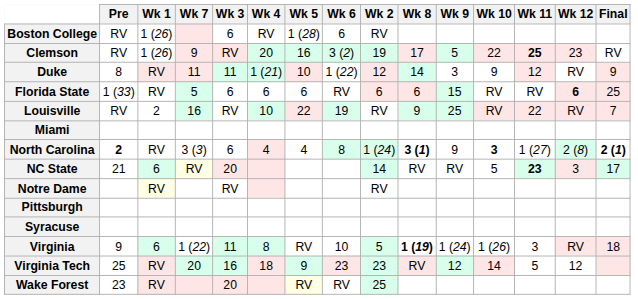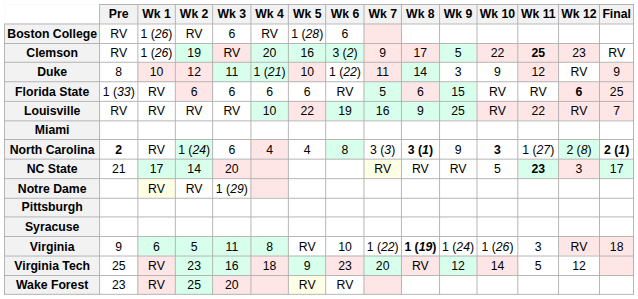 <table class="wikitable" style="white-space:nowrap;font-size:90%;">
 <tr>
 <th colspan=1 style="background:white; border-top-style:hidden; border-left-style:hidden;"> </th>
 <th>Pre <br></th>
 <th>Wk 1 <br></th>
-<th>Wk 7 <br></th>
+<th>Wk 2 <br></th>
 <th>Wk 3 <br></th>
 <th>Wk 4 <br></th>
 <th>Wk 5 <br></th>
 <th>Wk 6 <br></th>
-<th>Wk 2 <br></th>
+<th>Wk 7 <br></th>
 <th>Wk 8 <br></th>
 <th>Wk 9 <br></th>
 <th>Wk 10 <br></th>
 <th>Wk 11 <br></th>
 <th>Wk 12 <br></th>
 <th>Final <br></th>
 </tr>
 <tr style="text-align:center;">
 <th>Boston College</th>
 <td style="background:#FFF;"> RV</td>
 <td style="background:#FFF;"> 1 (<em>26</em>)</td>
-<td style="background:#FFE6E6;"></td>
+<td style="background:#FFF;"> RV</td>
 <td style="background:#FFF;"> 6</td>
 <td style="background:#FFF;"> RV</td>
 <td style="background:#FFF;"> 1 (<em>28</em>)</td>
 <td style="background:#FFF;"> 6</td>
-<td style="background:#FFF;"> RV</td>
+<td style="background:#FFE6E6;"></td>
 <td style="background:#FFF;"></td>
 <td style="background:#FFF;"></td>
 <td style="background:#FFF;"></td>
 <td style="background:#FFF;"></td>
 <td style="background:#FFF;"></td>
 <td style="background:#FFF;"></td>
 </tr>
 <tr style="text-align:center;">
 <th>Clemson</th>
 <td style="background:#FFF;"> RV</td>
 <td style="background:#FFF;"> 1 (<em>26</em>)</td>
-<td style="background:#FFE6E6;"> 9</td>
+<td style="background:#D8FFEB;"> 19</td>
 <td style="background:#FFE6E6;"> RV</td>
 <td style="background:#D8FFEB;"> 20</td>
 <td style="background:#D8FFEB;"> 16</td>
 <td style="background:#D8FFEB;"> 3 (<em>2</em>)</td>
-<td style="background:#D8FFEB;"> 19</td>
+<td style="background:#FFE6E6;"> 9</td>
 <td style="background:#FFE6E6;"> 17</td>
 <td style="background:#D8FFEB;"> 5</td>
 <td style="background:#FFE6E6;"> 22</td>
 <td style="background:#FFE6E6;"><strong> 25</strong></td>
 <td style="background:#FFE6E6;"> 23</td>
 <td style="background:#FFF;"> RV</td>
 </tr>
 <tr style="text-align:center;">
 <th>Duke</th>
 <td style="background:#FFF;"> 8</td>
-<td style="background:#FFE6E6;"> RV</td>
-<td style="background:#FFE6E6;"> 11</td>
+<td style="background:#FFE6E6;"> 10</td>
+<td style="background:#FFE6E6;"> 12</td>
 <td style="background:#D8FFEB;"> 11</td>
 <td style="background:#D8FFEB;"> 1 (<em>21</em>)</td>
 <td style="background:#FFE6E6;"> 10</td>
 <td style="background:#FFF;"> 1 (<em>22</em>)</td>
-<td style="background:#FFE6E6;"> 12</td>
+<td style="background:#FFE6E6;"> 11</td>
 <td style="background:#D8FFEB;"> 14</td>
 <td style="background:#FFF;"> 3</td>
 <td style="background:#FFF;"> 9</td>
 <td style="background:#FFE6E6;"> 12</td>
 <td style="background:#FFF;"> RV</td>
 <td style="background:#FFE6E6;"> 9</td>
 </tr>
 <tr style="text-align:center;">
 <th>Florida State</th>
 <td style="background:#FFF;"> 1 (<em>33</em>)</td>
 <td style="background:#FFF;"> RV</td>
-<td style="background:#D8FFEB;"> 5</td>
+<td style="background:#FFE6E6;"> 6</td>
 <td style="background:#FFF;"> 6</td>
 <td style="background:#FFF;"> 6</td>
 <td style="background:#FFF;"> 6</td>
 <td style="background:#FFF;"> RV</td>
-<td style="background:#FFE6E6;"> 6</td>
+<td style="background:#D8FFEB;"> 5</td>
 <td style="background:#FFE6E6;"> 6</td>
 <td style="background:#D8FFEB;"> 15</td>
 <td style="background:#FFF;"> RV</td>
 <td style="background:#FFF;"> RV</td>
 <td style="background:#FFE6E6;"><strong> 6</strong></td>
 <td style="background:#FFE6E6;"> 25</td>
 </tr>
 <tr style="text-align:center;">
 <th>Louisville</th>
 <td style="background:#FFF;"> RV</td>
-<td style="background:#FFF;"> 2</td>
-<td style="background:#D8FFEB;"> 16</td>
+<td style="background:#FFF;"> RV</td>
+<td style="background:#FFF;"> RV</td>
 <td style="background:#FFF;"> RV</td>
 <td style="background:#D8FFEB;"> 10</td>
 <td style="background:#FFE6E6;"> 22</td>
 <td style="background:#D8FFEB;"> 19</td>
-<td style="background:#FFF;"> RV</td>
+<td style="background:#D8FFEB;"> 16</td>
 <td style="background:#D8FFEB;"> 9</td>
 <td style="background:#D8FFEB;"> 25</td>
 <td style="background:#FFE6E6;"> RV</td>
 <td style="background:#FFE6E6;"> 22</td>
 <td style="background:#FFE6E6;"> RV</td>
 <td style="background:#FFE6E6;"> 7</td>
 </tr>
 <tr style="text-align:center;">
 <th>Miami</th>
 <td style="background:#FFF;"></td>
 <td style="background:#FFF;"></td>
 <td style="background:#FFF;"></td>
 <td style="background:#FFF;"></td>
 <td style="background:#FFF;"></td>
 <td style="background:#FFF;"></td>
 <td style="background:#FFF;"></td>
 <td style="background:#FFF;"></td>
 <td style="background:#FFF;"></td>
 <td style="background:#FFF;"></td>
 <td style="background:#FFF;"></td>
 <td style="background:#FFF;"></td>
 <td style="background:#FFF;"></td>
 <td style="background:#FFF;"></td>
 </tr>
 <tr style="text-align:center;">
 <th>North Carolina</th>
 <td style="background:#FFF;"><strong> 2</strong></td>
 <td style="background:#FFF;"> RV</td>
-<td style="background:#FFF;"> 3 (<em>3</em>)</td>
+<td style="background:#D8FFEB;"> 1 (<em>24</em>)</td>
 <td style="background:#FFF;"> 6</td>
 <td style="background:#FFE6E6;"> 4</td>
 <td style="background:#FFF;"> 4</td>
 <td style="background:#D8FFEB;"> 8</td>
-<td style="background:#D8FFEB;"> 1 (<em>24</em>)</td>
+<td style="background:#FFF;"> 3 (<em>3</em>)</td>
 <td style="background:#FFF;"><strong> 3 (<em>1</em>)</strong></td>
 <td style="background:#FFF;"> 9</td>
 <td style="background:#FFF;"><strong> 3</strong></td>
 <td style="background:#FFF;"> 1 (<em>27</em>)</td>
 <td style="background:#D8FFEB;"> 2 (<em>8</em>)</td>
 <td style="background:#FFF;"><strong> 2 (<em>1</em>)</strong></td>
 </tr>
 <tr style="text-align:center;">
 <th>NC State</th>
 <td style="background:#FFF;"> 21</td>
-<td style="background:#D8FFEB;"> 6</td>
-<td style="background:#FFFFE6;"> RV</td>
+<td style="background:#D8FFEB;"> 17</td>
+<td style="background:#D8FFEB;"> 14</td>
 <td style="background:#FFE6E6;"> 20</td>
 <td style="background:#FFE6E6;"></td>
 <td style="background:#FFF;"></td>
 <td style="background:#FFF;"></td>
-<td style="background:#D8FFEB;"> 14</td>
+<td style="background:#FFFFE6;"> RV</td>
 <td style="background:#FFF;"> RV</td>
 <td style="background:#FFF;"> RV</td>
 <td style="background:#FFF;"> 5</td>
 <td style="background:#D8FFEB;"><strong> 23</strong></td>
 <td style="background:#FFE6E6;"> 3</td>
 <td style="background:#D8FFEB;"> 17</td>
 </tr>
 <tr style="text-align:center;">
 <th>Notre Dame</th>
 <td style="background:#FFF;"></td>
 <td style="background:#FFFFE6;"> RV</td>
-<td style="background:#FFF;"></td>
 <td style="background:#FFF;"> RV</td>
+<td style="background:#FFF;"> 1 (<em>29</em>)</td>
 <td style="background:#FFE6E6;"></td>
 <td style="background:#FFF;"></td>
 <td style="background:#FFF;"></td>
-<td style="background:#FFF;"> RV</td>
+<td style="background:#FFF;"></td>
 <td style="background:#FFF;"></td>
 <td style="background:#FFF;"></td>
 <td style="background:#FFF;"></td>
 <td style="background:#FFF;"></td>
 <td style="background:#FFF;"></td>
 <td style="background:#FFF;"></td>
 </tr>
 <tr style="text-align:center;">
 <th>Pittsburgh</th>
 <td style="background:#FFF;"></td>
 <td style="background:#FFF;"></td>
 <td style="background:#FFF;"></td>
 <td style="background:#FFF;"></td>
 <td style="background:#FFF;"></td>
 <td style="background:#FFF;"></td>
 <td style="background:#FFF;"></td>
 <td style="background:#FFF;"></td>
 <td style="background:#FFF;"></td>
 <td style="background:#FFF;"></td>
 <td style="background:#FFF;"></td>
 <td style="background:#FFF;"></td>
 <td style="background:#FFF;"></td>
 <td style="background:#FFF;"></td>
 </tr>
 <tr style="text-align:center;">
 <th>Syracuse</th>
 <td style="background:#FFF;"></td>
 <td style="background:#FFF;"></td>
 <td style="background:#FFF;"></td>
 <td style="background:#FFF;"></td>
 <td style="background:#FFF;"></td>
 <td style="background:#FFF;"></td>
 <td style="background:#FFF;"></td>
 <td style="background:#FFF;"></td>
 <td style="background:#FFF;"></td>
 <td style="background:#FFF;"></td>
 <td style="background:#FFF;"></td>
 <td style="background:#FFF;"></td>
 <td style="background:#FFF;"></td>
 <td style="background:#FFF;"></td>
 </tr>
 <tr style="text-align:center;">
 <th>Virginia</th>
 <td style="background:#FFF;"> 9</td>
 <td style="background:#D8FFEB;"> 6</td>
-<td style="background:#FFF;"> 1 (<em>22</em>)</td>
+<td style="background:#D8FFEB;"> 5</td>
 <td style="background:#D8FFEB;"> 11</td>
 <td style="background:#D8FFEB;"> 8</td>
 <td style="background:#FFF;"> RV</td>
 <td style="background:#FFF;"> 10</td>
-<td style="background:#D8FFEB;"> 5</td>
+<td style="background:#FFF;"> 1 (<em>22</em>)</td>
 <td style="background:#FFF;"><strong> 1 (<em>19</em>)</strong></td>
 <td style="background:#FFF;"> 1 (<em>24</em>)</td>
 <td style="background:#FFF;">  1 (<em>26</em>)</td>
 <td style="background:#FFF;"> 3</td>
 <td style="background:#FFE6E6;"> RV</td>
 <td style="background:#FFE6E6;"> 18</td>
 </tr>
 <tr style="text-align:center;">
 <th>Virginia Tech</th>
 <td style="background:#FFF;"> 25</td>
 <td style="background:#FFE6E6;"> RV</td>
-<td style="background:#D8FFEB;"> 20</td>
+<td style="background:#D8FFEB;"> 23</td>
 <td style="background:#D8FFEB;"> 16</td>
 <td style="background:#FFE6E6;"> 18</td>
 <td style="background:#D8FFEB;"> 9</td>
 <td style="background:#FFE6E6;"> 23</td>
-<td style="background:#D8FFEB;"> 23</td>
+<td style="background:#D8FFEB;"> 20</td>
 <td style="background:#FFE6E6;"> RV</td>
 <td style="background:#D8FFEB;"> 12</td>
 <td style="background:#FFE6E6;"> 14</td>
 <td style="background:#FFF;"> 5</td>
 <td style="background:#FFF;"> 12</td>
 <td style="background:#FFE6E6;"></td>
 </tr>
 <tr style="text-align:center;">
 <th>Wake Forest</th>
 <td style="background:#FFF;"> 23</td>
 <td style="background:#FFE6E6;"> RV</td>
-<td style="background:#FFE6E6;"></td>
+<td style="background:#D8FFEB;"> 25</td>
 <td style="background:#FFE6E6;"> 20</td>
 <td style="background:#FFE6E6;"></td>
 <td style="background:#FFFFE6;"> RV</td>
 <td style="background:#FFF;"> RV</td>
-<td style="background:#D8FFEB;"> 25</td>
+<td style="background:#FFE6E6;"></td>
 <td style="background:#FFF;"></td>
 <td style="background:#FFF;"></td>
 <td style="background:#FFF;"></td>
 <td style="background:#FFF;"></td>
 <td style="background:#FFF;"></td>
 <td style="background:#FFF;"></td>
 </tr>
 </table>
